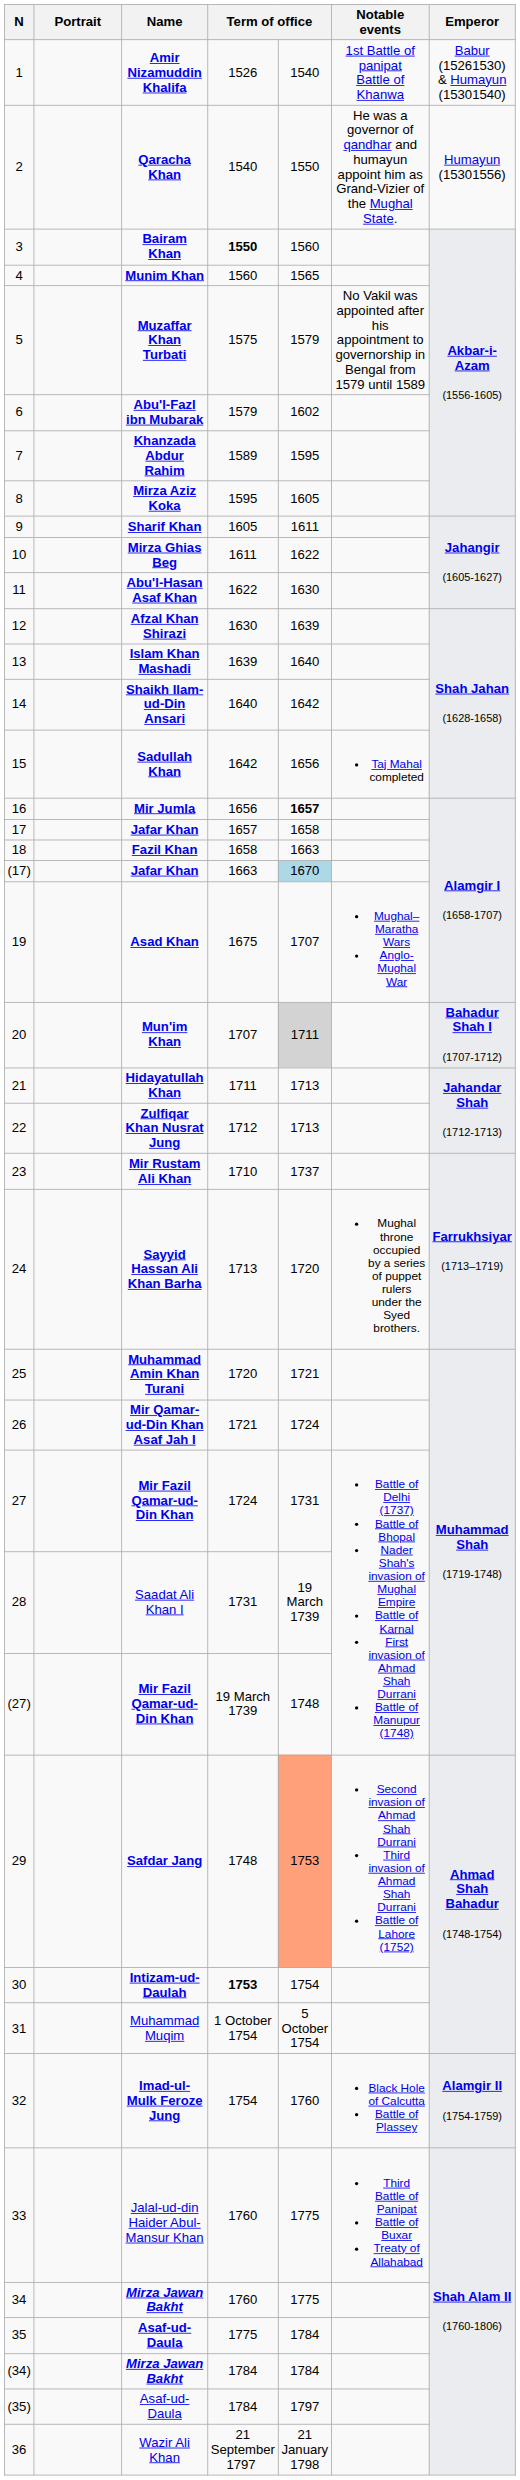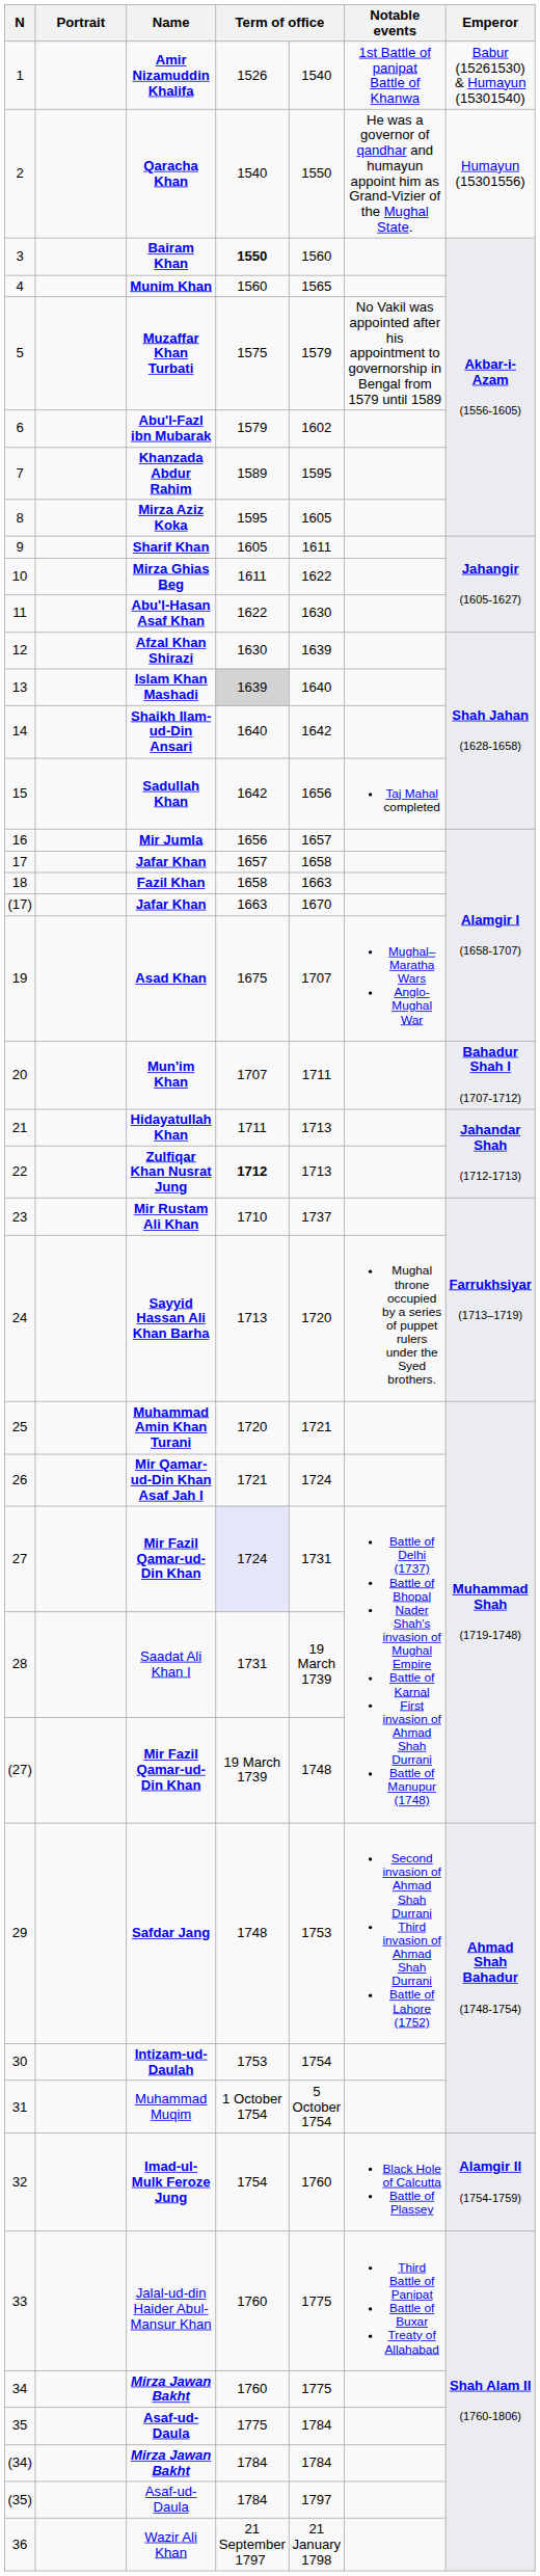 <table class="wikitable" width="100%" style="text-align:center;">
 <tr>
 <th>N</th>
 <th width="100px">Portrait</th>
 <th>Name</th>
 <th colspan="2">Term of office</th>
 <th>Notable events</th>
 <th>Emperor</th>
 </tr>
 <tr>
 <td>1</td>
 <td></td>
 <td><strong><a href='#'>Amir Nizamuddin Khalifa</a></strong></td>
 <td>1526</td>
 <td>1540</td>
 <td><a href='#'>1st Battle of panipat</a><br><a href='#'>Battle of Khanwa</a></td>
 <td><a href='#'>Babur</a> (15261530)<br>& <a href='#'>Humayun</a> (15301540)</td>
 </tr>
 <tr>
 <td>2</td>
 <td></td>
 <td><strong><a href='#'>Qaracha Khan</a></strong></td>
 <td>1540</td>
 <td>1550</td>
 <td>He was a governor of <a href='#'>qandhar</a> and humayun appoint him as Grand-Vizier of the <a href='#'>Mughal State</a>.</td>
 <td><a href='#'>Humayun</a> (15301556)</td>
 </tr>
 <tr>
 <td>3</td>
 <td></td>
 <td><strong><a href='#'>Bairam Khan</a></strong></td>
 <td><strong>1550</strong></td>
 <td>1560</td>
 <td style="font-size:90%;"></td>
 <td rowspan=6 style= "background:#EAECF0"><strong><a href='#'>Akbar-i-Azam</a></strong><br><br><small>(1556-1605)</small></td>
 </tr>
 <tr>
 <td>4</td>
 <td></td>
 <td><strong><a href='#'>Munim Khan</a></strong></td>
 <td>1560</td>
 <td>1565</td>
 <td></td>
 </tr>
 <tr>
 <td>5</td>
 <td></td>
 <td><strong><a href='#'>Muzaffar Khan Turbati</a></strong></td>
 <td>1575</td>
 <td>1579</td>
 <td>No Vakil was appointed after his appointment to governorship in Bengal from 1579 until 1589</td>
 </tr>
 <tr>
 <td>6</td>
 <td></td>
 <td><strong><a href='#'>Abu'l-Fazl ibn Mubarak</a></strong></td>
 <td>1579</td>
 <td>1602</td>
 <td style="font-size:90%;"></td>
 </tr>
 <tr>
 <td>7</td>
 <td></td>
 <td><strong><a href='#'>Khanzada Abdur Rahim</a></strong></td>
 <td>1589</td>
 <td>1595</td>
 <td style="font-size:90%;"></td>
 </tr>
 <tr>
 <td>8</td>
 <td></td>
 <td><strong><a href='#'>Mirza Aziz Koka</a></strong></td>
 <td>1595</td>
 <td>1605</td>
 <td style="font-size:90%;"></td>
 </tr>
 <tr>
 <td>9</td>
 <td></td>
 <td><strong><a href='#'>Sharif Khan</a></strong></td>
 <td>1605</td>
 <td>1611</td>
 <td style="font-size:90%;"></td>
 <td rowspan=3 style= "background:#EAECF0"><strong><a href='#'>Jahangir</a></strong><br><br><small>(1605-1627)</small></td>
 </tr>
 <tr>
 <td>10</td>
 <td></td>
 <td><strong><a href='#'>Mirza Ghias Beg</a></strong></td>
 <td>1611</td>
 <td>1622</td>
 <td style="font-size:90%;"></td>
 </tr>
 <tr>
 <td>11</td>
 <td></td>
 <td><strong><a href='#'>Abu'l-Hasan Asaf Khan</a></strong></td>
 <td>1622</td>
 <td>1630</td>
 <td style="font-size:90%;"></td>
 </tr>
 <tr>
 <td>12</td>
 <td></td>
 <td><strong><a href='#'>Afzal Khan Shirazi</a></strong></td>
 <td>1630</td>
 <td>1639</td>
 <td style="font-size:90%;"></td>
 <td rowspan=4 style= "background:#EAECF0"><strong><a href='#'>Shah Jahan</a></strong><br><br><small>(1628-1658)</small></td>
 </tr>
 <tr>
 <td>13</td>
 <td></td>
 <td><strong><a href='#'>Islam Khan Mashadi</a></strong></td>
-<td>1639</td>
+<td style="background: lightgrey;">1639</td>
 <td>1640</td>
 <td style="font-size:90%;"></td>
 </tr>
 <tr>
 <td>14</td>
 <td></td>
 <td><strong><a href='#'>Shaikh Ilam-ud-Din Ansari</a></strong></td>
 <td>1640</td>
 <td>1642</td>
 <td style="font-size:90%;"></td>
 </tr>
 <tr>
 <td>15</td>
 <td></td>
 <td><strong><a href='#'>Sadullah Khan</a></strong></td>
 <td>1642</td>
 <td>1656</td>
 <td style="font-size:90%;"><br><ul><li><a href='#'>Taj Mahal</a> completed</li></ul></td>
 </tr>
 <tr>
 <td>16</td>
 <td></td>
 <td><strong><a href='#'>Mir Jumla</a></strong></td>
 <td>1656</td>
-<td><strong>1657</strong></td>
+<td>1657</td>
 <td style="font-size:90%;"></td>
 <td rowspan=5 style= "background:#EAECF0"><strong><a href='#'>Alamgir I</a></strong><br><br><small>(1658-1707)</small></td>
 </tr>
 <tr>
 <td>17</td>
 <td></td>
 <td><strong><a href='#'>Jafar Khan</a></strong></td>
 <td>1657</td>
 <td>1658</td>
 <td style="font-size:90%;"></td>
 </tr>
 <tr>
 <td>18</td>
 <td></td>
 <td><strong><a href='#'>Fazil Khan</a></strong></td>
 <td>1658</td>
 <td>1663</td>
 <td style="font-size:90%;"></td>
 </tr>
 <tr>
 <td>(17)</td>
 <td></td>
 <td><strong><a href='#'>Jafar Khan</a></strong></td>
 <td>1663</td>
-<td style="background: lightblue;">1670 </td>
+<td>1670 </td>
 <td style="font-size:90%;"></td>
 </tr>
 <tr>
 <td>19</td>
 <td></td>
 <td><strong><a href='#'>Asad Khan</a></strong></td>
 <td>1675</td>
 <td>1707</td>
 <td style="font-size:90%;"><br><ul><li><a href='#'>Mughal–Maratha Wars</a></li><li><a href='#'>Anglo-Mughal War</a></li></ul></td>
 </tr>
 <tr>
 <td>20</td>
 <td></td>
 <td><strong><a href='#'>Mun'im Khan</a></strong></td>
 <td>1707</td>
-<td style="background: lightgrey;">1711</td>
+<td>1711</td>
 <td style="font-size:90%;"></td>
 <td rowspan=1 style= "background:#EAECF0"><strong><a href='#'>Bahadur Shah I</a></strong><br><br><small>(1707-1712)</small></td>
 </tr>
 <tr>
 <td>21</td>
 <td></td>
 <td><strong><a href='#'>Hidayatullah Khan</a></strong></td>
 <td>1711</td>
 <td>1713</td>
 <td style="font-size:90%;"></td>
 <td rowspan=2 style= "background:#EAECF0"><strong><a href='#'>Jahandar Shah</a></strong><br><br><small>(1712-1713)</small></td>
 </tr>
 <tr>
 <td>22</td>
 <td></td>
 <td><strong><a href='#'>Zulfiqar Khan Nusrat Jung</a></strong></td>
-<td>1712</td>
+<td><strong>1712</strong></td>
 <td>1713</td>
 <td style="font-size:90%;"></td>
 </tr>
 <tr>
 <td>23</td>
 <td></td>
 <td><strong><a href='#'>Mir Rustam Ali Khan</a></strong></td>
 <td>1710</td>
 <td>1737</td>
 <td style="font-size:90%;"></td>
 <td rowspan=2 style="background:#EAECF0"><strong><a href='#'>Farrukhsiyar</a></strong><br><br><small>(1713–1719)</small></td>
 </tr>
 <tr>
 <td>24</td>
 <td></td>
 <td><strong><a href='#'>Sayyid Hassan Ali Khan Barha</a></strong></td>
 <td>1713</td>
 <td>1720</td>
 <td style="font-size:90%;"><br><ul><li>Mughal throne occupied by a series of puppet rulers under the Syed brothers.</li></ul></td>
 </tr>
 <tr>
 <td>25</td>
 <td></td>
 <td><strong><a href='#'>Muhammad Amin Khan Turani</a></strong></td>
 <td>1720</td>
 <td>1721</td>
 <td style="font-size:90%;"></td>
 <td rowspan="5" style="background:#EAECF0"><strong><a href='#'>Muhammad Shah</a></strong><br><br><small>(1719-1748)</small></td>
 </tr>
 <tr>
 <td>26</td>
 <td></td>
 <td><a href='#'><strong>Mir Qamar-ud-Din Khan Asaf Jah I</strong></a></td>
 <td>1721</td>
 <td>1724</td>
 <td style="font-size:90%;"></td>
 </tr>
 <tr>
 <td>27</td>
 <td></td>
 <td><a href='#'><strong>Mir Fazil Qamar-ud-Din Khan</strong></a></td>
-<td>1724</td>
+<td style="background: lavender;">1724</td>
 <td>1731</td>
 <td rowspan="3" style="font-size:90%;"><br><ul><li><a href='#'>Battle of Delhi (1737)</a></li><li><a href='#'>Battle of Bhopal</a></li><li><a href='#'>Nader Shah's invasion of Mughal Empire</a></li><li><a href='#'>Battle of Karnal</a></li><li><a href='#'>First invasion of Ahmad Shah Durrani</a></li><li><a href='#'>Battle of Manupur (1748)</a></li></ul></td>
 </tr>
 <tr>
 <td>28</td>
 <td></td>
 <td><a href='#'>Saadat Ali Khan I</a></td>
 <td>1731</td>
 <td>19 March 1739</td>
 </tr>
 <tr>
 <td>(27)</td>
 <td></td>
 <td><a href='#'><strong>Mir Fazil Qamar-ud-Din Khan</strong></a></td>
 <td>19 March 1739</td>
 <td>1748</td>
 </tr>
 <tr>
 <td>29</td>
 <td></td>
 <td><strong><a href='#'>Safdar Jang</a></strong></td>
 <td>1748</td>
-<td style="background: lightsalmon;">1753</td>
+<td>1753</td>
 <td style="font-size:90%;"><br><ul><li><a href='#'>Second invasion of Ahmad Shah Durrani</a></li><li><a href='#'>Third invasion of Ahmad Shah Durrani</a></li><li><a href='#'>Battle of Lahore (1752)</a></li></ul></td>
 <td rowspan="3" style="background:#EAECF0"><strong><a href='#'>Ahmad Shah Bahadur</a></strong><br><br><small>(1748-1754)</small></td>
 </tr>
 <tr>
 <td>30</td>
 <td></td>
 <td><strong><a href='#'>Intizam-ud-Daulah</a></strong></td>
-<td><strong>1753</strong></td>
+<td>1753</td>
 <td>1754</td>
 <td style="font-size:90%;"></td>
 </tr>
 <tr>
 <td>31</td>
 <td></td>
 <td><a href='#'>Muhammad Muqim</a></td>
 <td>1 October 1754</td>
 <td>5 October 1754</td>
 <td></td>
 </tr>
 <tr>
 <td>32</td>
 <td></td>
 <td><a href='#'><strong>Imad-ul-Mulk Feroze Jung</strong></a></td>
 <td>1754</td>
 <td>1760</td>
 <td style="font-size:90%;"><br><ul><li><a href='#'>Black Hole of Calcutta</a></li><li><a href='#'>Battle of Plassey</a></li></ul></td>
 <td rowspan="1" style="background:#EAECF0"><strong><a href='#'>Alamgir II</a></strong><br><br><small>(1754-1759)</small></td>
 </tr>
 <tr>
 <td>33</td>
 <td></td>
 <td><br><a href='#'>Jalal-ud-din Haider Abul-Mansur Khan</a></td>
 <td>1760</td>
 <td>1775</td>
 <td style="font-size:90%;"><br><ul><li><a href='#'>Third Battle of Panipat</a></li><li><a href='#'>Battle of Buxar</a></li><li><a href='#'>Treaty of Allahabad</a></li></ul></td>
 <td rowspan="6" style="background:#EAECF0"><strong><a href='#'>Shah Alam II</a></strong><br><br><small>(1760-1806)</small></td>
 </tr>
 <tr>
 <td>34</td>
 <td></td>
 <td><strong><em><a href='#'>Mirza Jawan Bakht</a></em></strong></td>
 <td>1760</td>
 <td>1775</td>
 <td></td>
 </tr>
 <tr>
 <td>35</td>
 <td></td>
 <td><strong><a href='#'>Asaf-ud-Daula</a></strong></td>
 <td>1775</td>
 <td>1784</td>
 <td style="font-size:90%;"></td>
 </tr>
 <tr>
 <td>(34)</td>
 <td></td>
 <td><strong><em><a href='#'>Mirza Jawan Bakht</a></em></strong></td>
 <td>1784</td>
 <td>1784</td>
 <td></td>
 </tr>
 <tr>
 <td>(35)</td>
 <td></td>
 <td><a href='#'>Asaf-ud-Daula</a></td>
 <td>1784</td>
 <td>1797</td>
 <td></td>
 </tr>
 <tr>
 <td>36</td>
 <td></td>
 <td><a href='#'>Wazir Ali Khan</a></td>
 <td>21 September 1797 </td>
 <td>21 January 1798</td>
 <td></td>
 </tr>
 </table>
